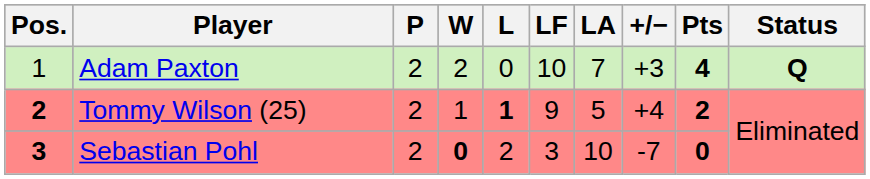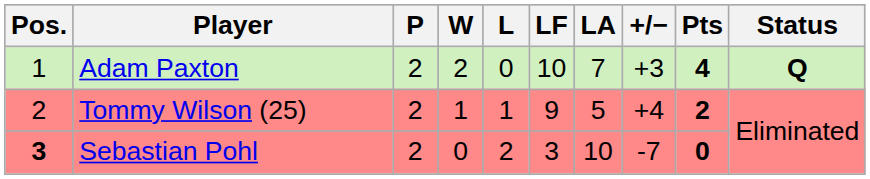 <table class="wikitable" style="text-align:center; margin: 1em auto 1em auto, align:left">
 <tr>
 <th width=20>Pos.</th>
 <th width=185>Player</th>
 <th width=20>P</th>
 <th width=20>W</th>
 <th width=20>L</th>
 <th width=20>LF</th>
 <th width=20>LA</th>
 <th width=25>+/−</th>
 <th width=20>Pts</th>
 <th width=70>Status</th>
 </tr>
 <tr style="background:#D0F0C0;">
 <td>1</td>
 <td align=left> <a href='#'>Adam Paxton</a></td>
 <td>2</td>
 <td>2</td>
 <td>0</td>
 <td>10</td>
 <td>7</td>
 <td>+3</td>
 <td><strong>4</strong></td>
 <td rowspan=1><strong>Q</strong></td>
 </tr>
 <tr style="background:#FF8888;">
-<td><strong>2</strong></td>
+<td>2</td>
 <td align=left> <a href='#'>Tommy Wilson</a> (25)</td>
 <td>2</td>
 <td>1</td>
-<td><strong>1</strong></td>
+<td>1</td>
 <td>9</td>
 <td>5</td>
 <td>+4</td>
 <td><strong>2</strong></td>
 <td rowspan=2>Eliminated</td>
 </tr>
 <tr style="background:#FF8888;">
 <td><strong>3</strong></td>
 <td align=left> <a href='#'>Sebastian Pohl</a></td>
 <td>2</td>
-<td><strong>0</strong></td>
+<td>0</td>
 <td>2</td>
 <td>3</td>
 <td>10</td>
 <td>-7</td>
 <td><strong>0</strong></td>
 </tr>
 </table>
